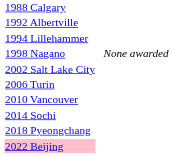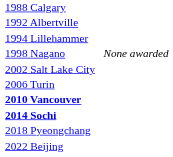 <table>
 <tr>
 <td><a href='#'>1988 Calgary</a><br></td>
 <td></td>
 <td></td>
 <td></td>
 </tr>
 <tr>
 <td><a href='#'>1992 Albertville</a><br></td>
 <td></td>
 <td></td>
 <td></td>
 </tr>
 <tr>
 <td><a href='#'>1994 Lillehammer</a><br></td>
 <td></td>
 <td></td>
 <td></td>
 </tr>
 <tr valign="top">
 <td><a href='#'>1998 Nagano</a><br></td>
 <td></td>
 <td><br></td>
 <td colspan="2" align="center"><em>None awarded</em></td>
 </tr>
 <tr>
 <td><a href='#'>2002 Salt Lake City</a><br></td>
 <td></td>
 <td></td>
 <td></td>
 </tr>
 <tr>
 <td><a href='#'>2006 Turin</a><br></td>
 <td></td>
 <td></td>
 <td></td>
 </tr>
 <tr>
-<td><a href='#'>2010 Vancouver</a><br></td>
+<td><strong><a href='#'>2010 Vancouver</a><br></strong></td>
 <td></td>
 <td></td>
 <td></td>
 </tr>
 <tr valign="top">
-<td><a href='#'>2014 Sochi</a><br></td>
+<td><strong><a href='#'>2014 Sochi</a><br></strong></td>
 <td></td>
 <td></td>
 <td><br></td>
 </tr>
 <tr>
 <td><a href='#'>2018 Pyeongchang</a><br></td>
 <td></td>
 <td></td>
 <td></td>
 </tr>
 <tr>
-<td style="background: pink;"><a href='#'>2022 Beijing</a> <br></td>
+<td><a href='#'>2022 Beijing</a> <br></td>
 <td></td>
 <td></td>
 <td></td>
 </tr>
 <tr>
 </tr>
 </table>
